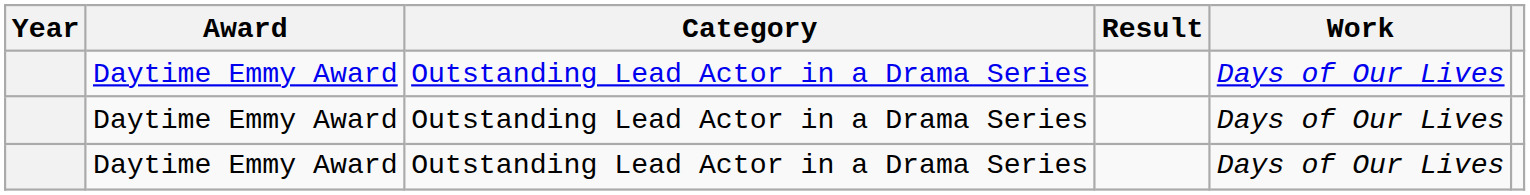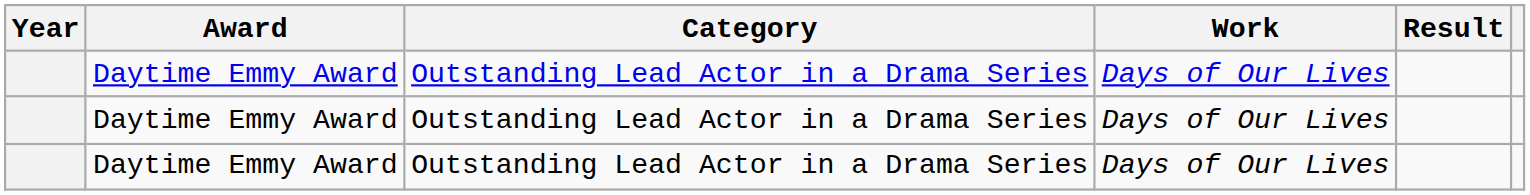 <table class="wikitable sortable plainrowheaders">
 <tr>
 <th>Year</th>
 <th>Award</th>
 <th>Category</th>
+<th>Work</th>
 <th>Result</th>
-<th>Work</th>
 <th scope="col" class="unsortable"></th>
 </tr>
 <tr>
 <th scope="row"></th>
 <td><a href='#'>Daytime Emmy Award</a></td>
 <td><a href='#'>Outstanding Lead Actor in a Drama Series</a></td>
+<td><em><a href='#'>Days of Our Lives</a></em></td>
 <td></td>
-<td><em><a href='#'>Days of Our Lives</a></em></td>
 <td></td>
 </tr>
 <tr>
 <th scope="row"></th>
 <td>Daytime Emmy Award</td>
 <td>Outstanding Lead Actor in a Drama Series</td>
+<td><em>Days of Our Lives</em></td>
 <td></td>
-<td><em>Days of Our Lives</em></td>
 <td></td>
 </tr>
 <tr>
 <th scope="row"></th>
 <td>Daytime Emmy Award</td>
 <td>Outstanding Lead Actor in a Drama Series</td>
+<td><em>Days of Our Lives</em></td>
 <td></td>
-<td><em>Days of Our Lives</em></td>
 <td></td>
 </tr>
 </table>
